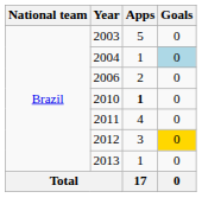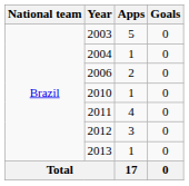 <table class="wikitable" style="text-align:center">
 <tr>
 <th>National team</th>
 <th>Year</th>
 <th>Apps</th>
 <th>Goals</th>
 </tr>
 <tr>
 <td rowspan="7"><a href='#'>Brazil</a></td>
 <td>2003</td>
 <td>5</td>
 <td>0</td>
 </tr>
 <tr>
 <td>2004</td>
 <td>1</td>
-<td style="background: lightblue;">0</td>
+<td>0</td>
 </tr>
 <tr>
 <td>2006</td>
 <td>2</td>
 <td>0</td>
 </tr>
 <tr>
 <td>2010</td>
-<td><strong>1</strong></td>
+<td>1</td>
 <td>0</td>
 </tr>
 <tr>
 <td>2011</td>
 <td>4</td>
 <td>0</td>
 </tr>
 <tr>
 <td>2012</td>
 <td>3</td>
-<td style="background: gold;">0</td>
+<td>0</td>
 </tr>
 <tr>
 <td>2013</td>
 <td>1</td>
 <td>0</td>
 </tr>
 <tr>
 <th colspan="2">Total</th>
 <th>17</th>
 <th>0</th>
 </tr>
 </table>
